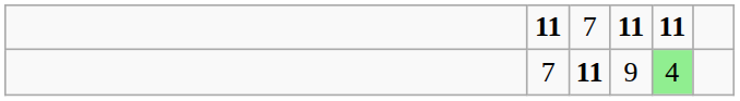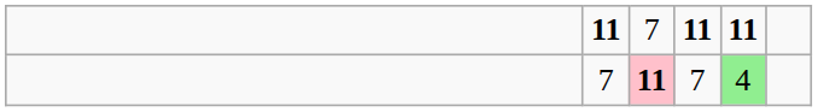 <table class="wikitable">
 <tr>
 <td style="width:18em"><strong></strong></td>
 <td align=center style="width:1em"><strong>11</strong></td>
 <td align=center style="width:1em">7</td>
 <td align=center style="width:1em"><strong>11</strong></td>
 <td align=center style="width:1em"><strong>11</strong></td>
 <td align=center style="width:1em"></td>
 </tr>
 <tr>
 <td style="width:18em"></td>
 <td align=center style="width:1em">7</td>
-<td align=center style="width:1em"><strong>11</strong></td>
-<td align=center style="width:1em">9</td>
+<td align=center style="background: pink; width:1em"><strong>11</strong></td>
+<td align=center style="width:1em">7</td>
 <td align=center style="background: lightgreen; width:1em">4</td>
 <td align=center style="width:1em"></td>
 </tr>
 </table>
